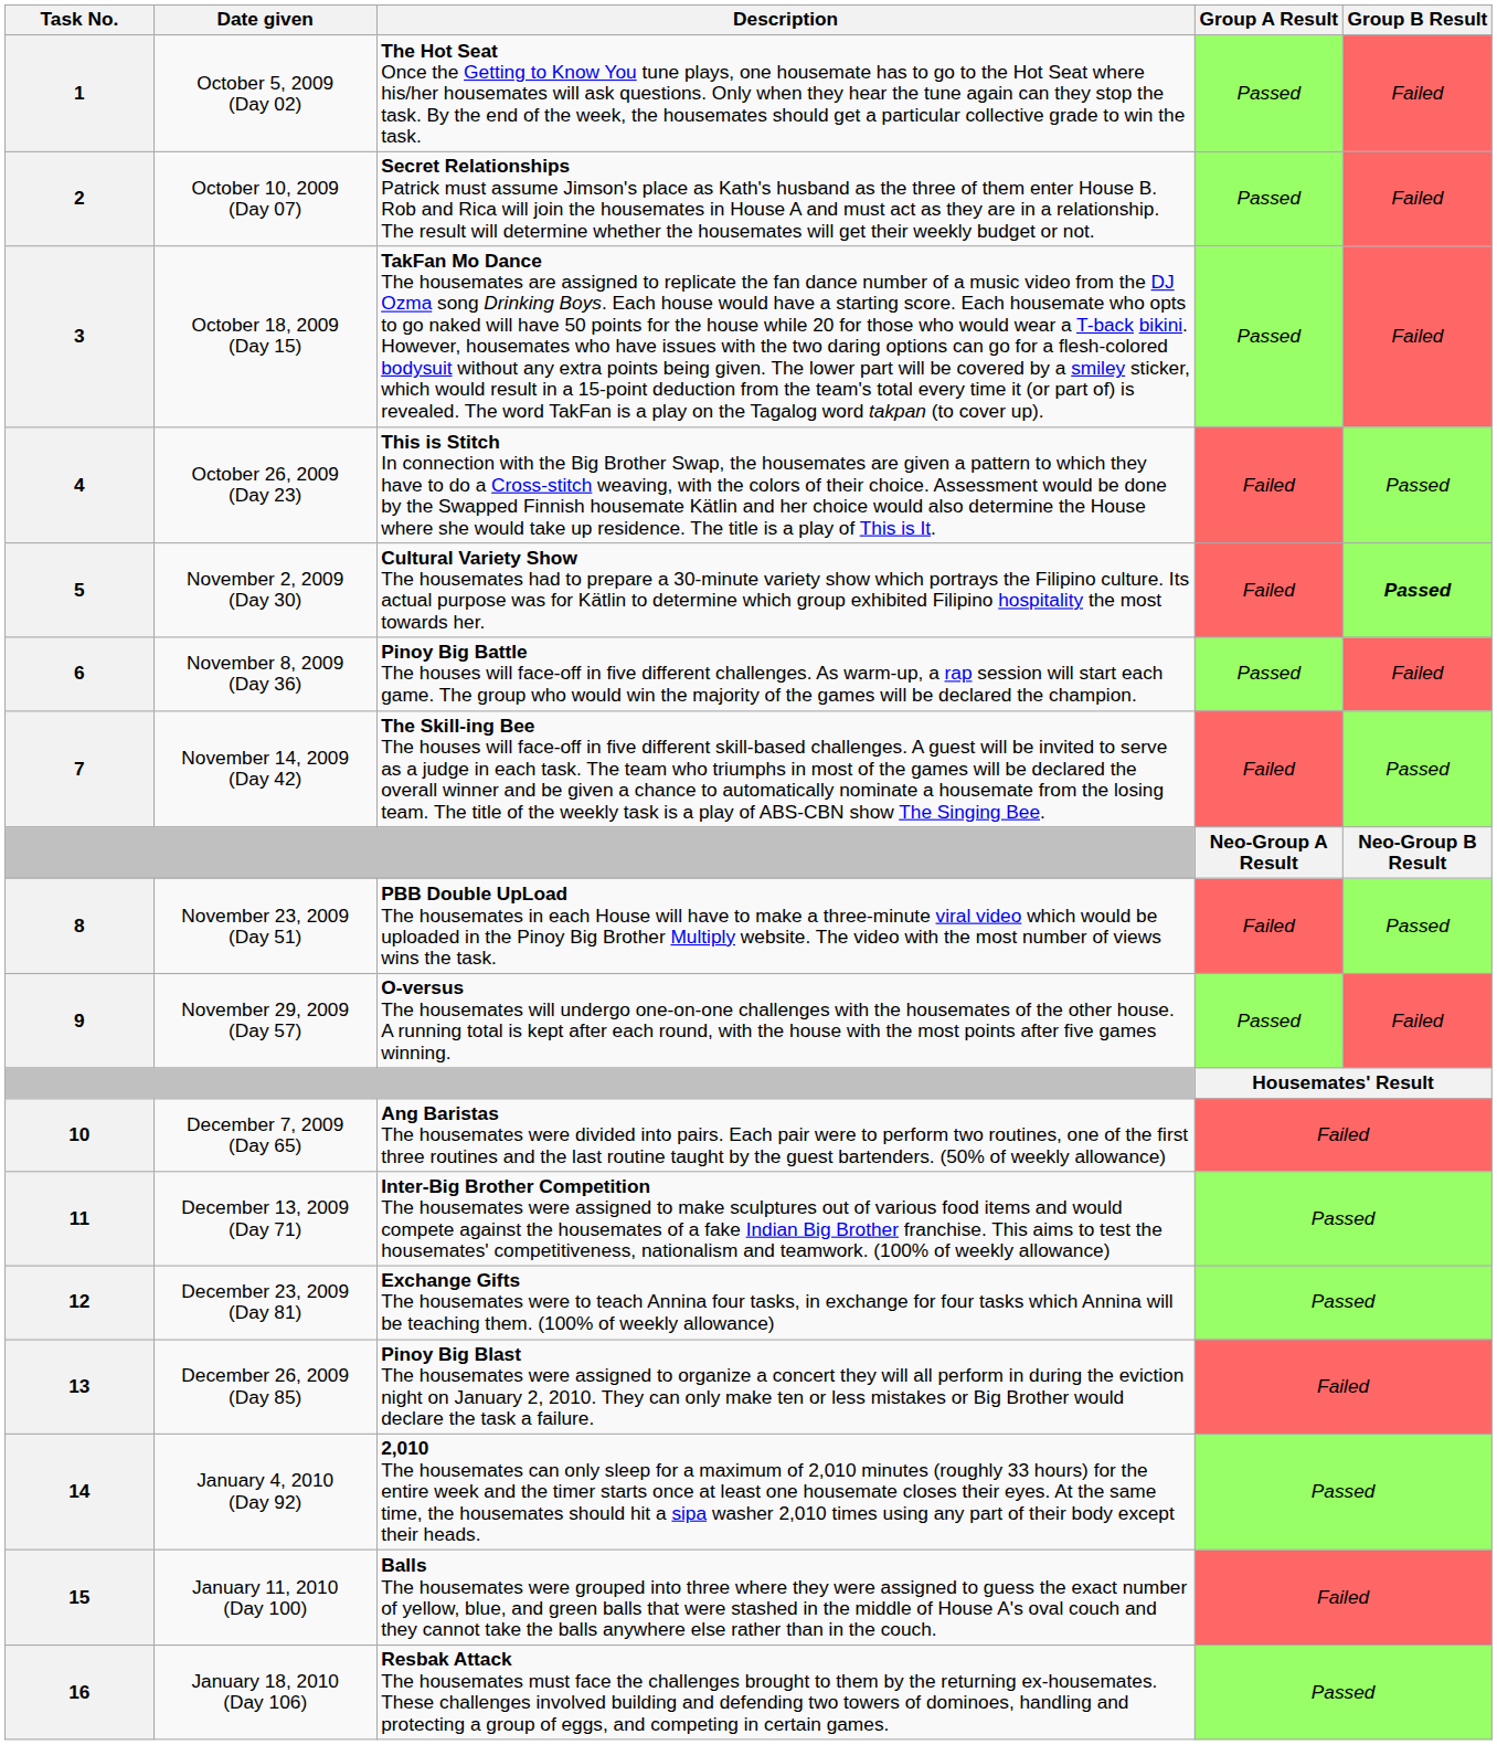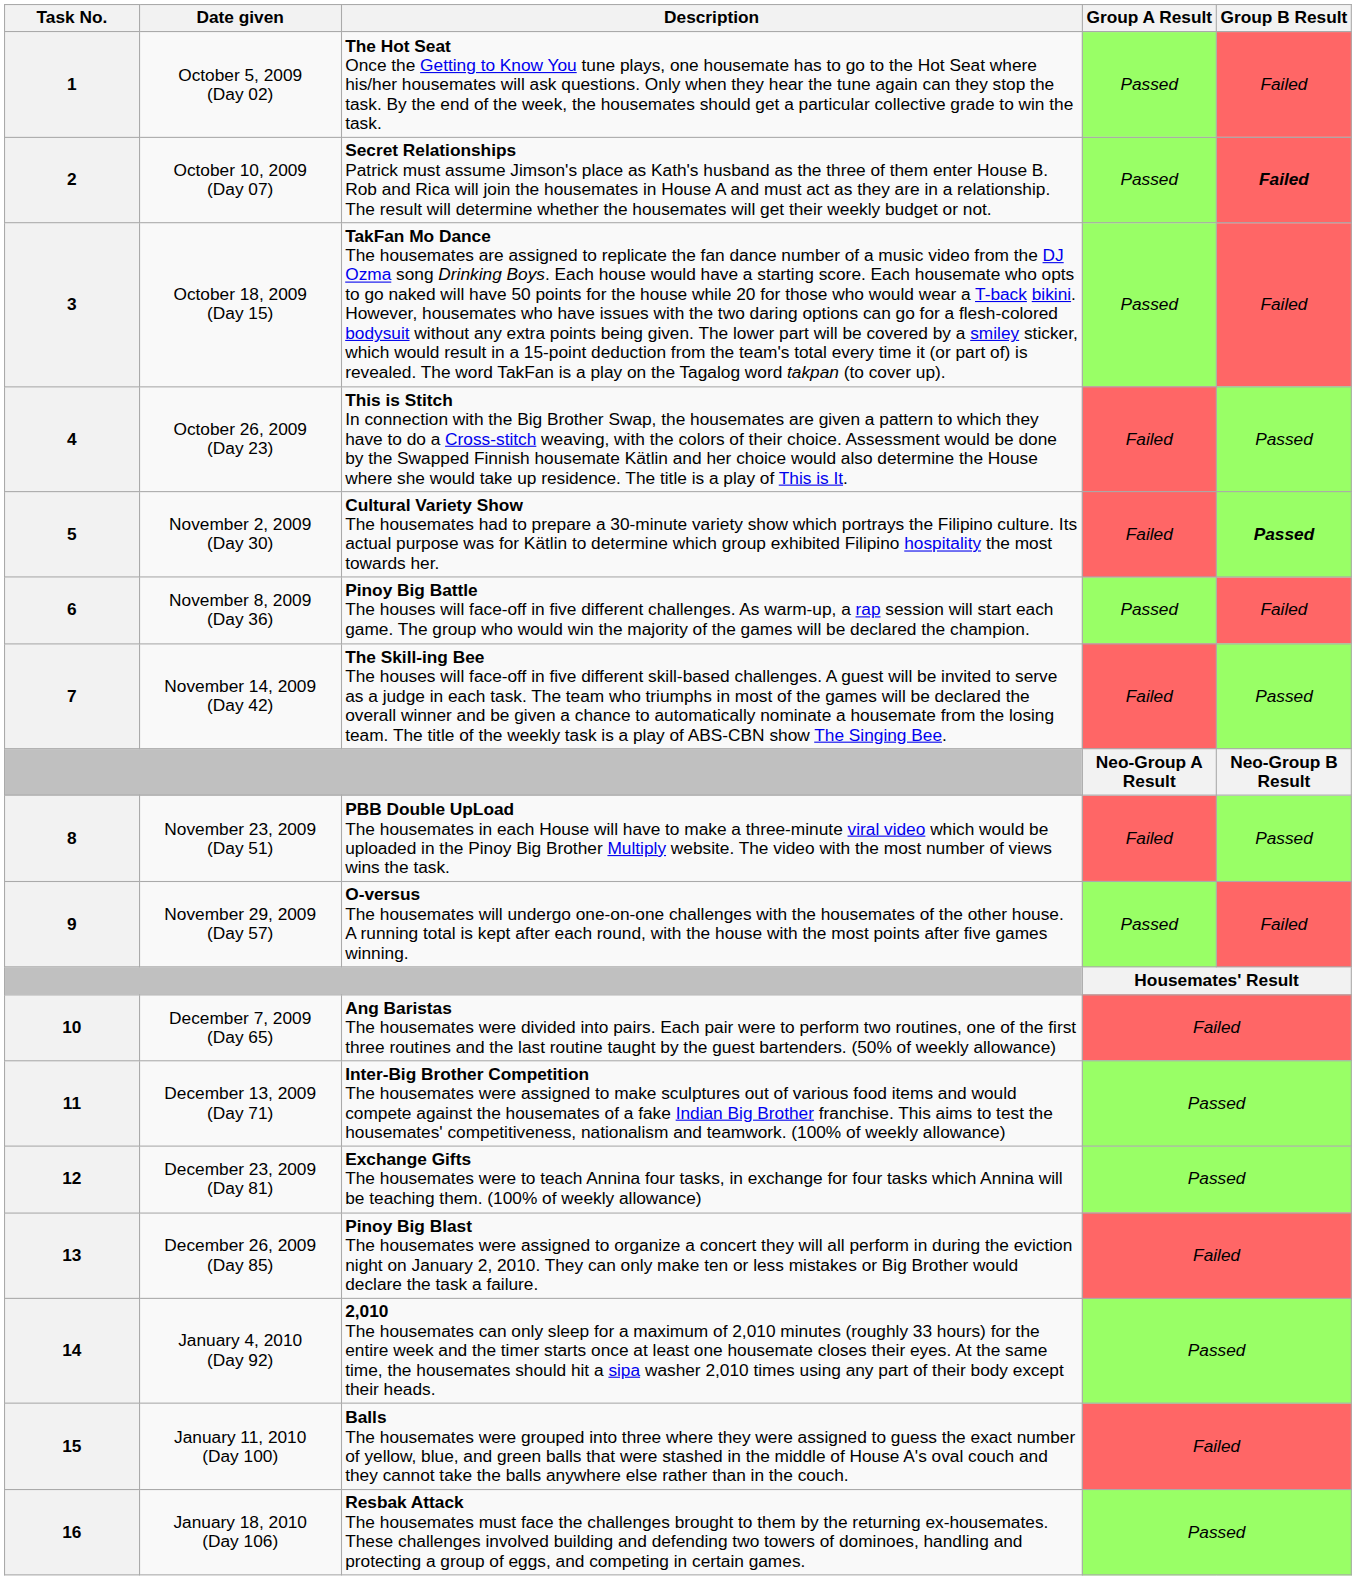 <table class="wikitable">
 <tr>
 <th style="width: 10%;">Task No.</th>
 <th style="width: 15%;">Date given</th>
 <th style="width: 55%;">Description</th>
 <th style="width: 10%;">Group A Result</th>
 <th style="width: 10%;">Group B Result</th>
 </tr>
 <tr>
 <th>1</th>
 <td align="center">October 5, 2009<br>(Day 02)</td>
 <td><strong>The Hot Seat</strong><br>Once the <a href='#'>Getting to Know You</a> tune plays, one housemate has to go to the Hot Seat where his/her housemates will ask questions. Only when they hear the tune again can they stop the task. By the end of the week, the housemates should get a particular collective grade to win the task.</td>
 <td align="center" bgcolor="#99FF66"><em>Passed</em></td>
 <td align="center" bgcolor="#FF6666"><em>Failed</em></td>
 </tr>
 <tr>
 <th>2</th>
 <td align="center">October 10, 2009<br>(Day 07)</td>
 <td><strong>Secret Relationships</strong><br>Patrick must assume Jimson's place as Kath's husband as the three of them enter House B. Rob and Rica will join the housemates in House A and must act as they are in a relationship. The result will determine whether the housemates will get their weekly budget or not.</td>
 <td align="center" bgcolor="#99FF66"><em>Passed</em></td>
-<td align="center" bgcolor="#FF6666"><em>Failed</em></td>
+<td align="center" bgcolor="#FF6666"><strong><em>Failed</em></strong></td>
 </tr>
 <tr>
 <th>3</th>
 <td align="center">October 18, 2009<br>(Day 15)</td>
 <td><strong>TakFan Mo Dance</strong><br>The housemates are assigned to replicate the fan dance number of a music video from the <a href='#'>DJ Ozma</a> song <em>Drinking Boys</em>. Each house would have a starting score. Each housemate who opts to go naked will have 50 points for the house while 20 for those who would wear a <a href='#'>T-back</a> <a href='#'>bikini</a>. However, housemates who have issues with the two daring options can go for a flesh-colored <a href='#'>bodysuit</a> without any extra points being given. The lower part will be covered by a <a href='#'>smiley</a> sticker, which would result in a 15-point deduction from the team's total every time it (or part of) is revealed. The word TakFan is a play on the Tagalog word <em>takpan</em> (to cover up).</td>
 <td align="center" bgcolor="#99FF66"><em>Passed</em></td>
 <td align="center" bgcolor="#FF6666"><em>Failed</em></td>
 </tr>
 <tr>
 <th>4</th>
 <td align="center">October 26, 2009<br>(Day 23)</td>
 <td><strong>This is Stitch</strong><br>In connection with the Big Brother Swap, the housemates are given a pattern to which they have to do a <a href='#'>Cross-stitch</a> weaving, with the colors of their choice. Assessment would be done by the Swapped Finnish housemate Kätlin and her choice would also determine the House where she would take up residence. The title is a play of <a href='#'>This is It</a>.</td>
 <td align="center" bgcolor="#FF6666"><em>Failed</em></td>
 <td align="center" bgcolor="#99FF66"><em>Passed</em></td>
 </tr>
 <tr>
 <th>5</th>
 <td align="center">November 2, 2009<br>(Day 30)</td>
 <td><strong>Cultural Variety Show</strong><br>The housemates had to prepare a 30-minute variety show which portrays the Filipino culture. Its actual purpose was for Kätlin to determine which group exhibited Filipino <a href='#'>hospitality</a> the most towards her.</td>
 <td align="center" bgcolor="#FF6666"><em>Failed</em></td>
 <td align="center" bgcolor="#99FF66"><strong><em>Passed</em></strong></td>
 </tr>
 <tr>
 <th>6</th>
 <td align="center">November 8, 2009<br>(Day 36)</td>
 <td><strong>Pinoy Big Battle</strong><br>The houses will face-off in five different challenges. As warm-up, a <a href='#'>rap</a> session will start each game. The group who would win the majority of the games will be declared the champion.</td>
 <td align="center" bgcolor="#99FF66"><em>Passed</em></td>
 <td align="center" bgcolor="#FF6666"><em>Failed</em></td>
 </tr>
 <tr>
 <th>7</th>
 <td align="center">November 14, 2009<br>(Day 42)</td>
 <td><strong>The Skill-ing Bee</strong><br>The houses will face-off in five different skill-based challenges. A guest will be invited to serve as a judge in each task. The team who triumphs in most of the games will be declared the overall winner and be given a chance to automatically nominate a housemate from the losing team. The title of the weekly task is a play of ABS-CBN show <a href='#'>The Singing Bee</a>.</td>
 <td align="center" bgcolor="#FF6666"><em>Failed</em></td>
 <td align="center" bgcolor="#99FF66"><em>Passed</em></td>
 </tr>
 <tr>
 <td bgcolor="#C0C0C0" colspan=3></td>
 <th>Neo-Group A Result</th>
 <th>Neo-Group B Result</th>
 </tr>
 <tr>
 <th>8</th>
 <td align="center">November 23, 2009<br>(Day 51)</td>
 <td><strong>PBB Double UpLoad</strong><br>The housemates in each House will have to make a three-minute <a href='#'>viral video</a> which would be uploaded in the Pinoy Big Brother <a href='#'>Multiply</a> website. The video with the most number of views wins the task.</td>
 <td align="center" bgcolor="#FF6666"><em>Failed</em></td>
 <td align="center" bgcolor="#99FF66"><em>Passed</em></td>
 </tr>
 <tr>
 <th>9</th>
 <td align="center">November 29, 2009<br>(Day 57)</td>
 <td><strong>O-versus</strong><br>The housemates will undergo one-on-one challenges with the housemates of the other house. A running total is kept after each round, with the house with the most points after five games winning.</td>
 <td align="center" bgcolor="#99FF66"><em>Passed</em></td>
 <td align="center" bgcolor="#FF6666"><em>Failed</em></td>
 </tr>
 <tr>
 <td bgcolor="#C0C0C0" colspan=3></td>
 <th colspan=2>Housemates' Result</th>
 </tr>
 <tr>
 <th>10</th>
 <td align="center">December 7, 2009<br>(Day 65)</td>
 <td><strong>Ang Baristas</strong><br>The housemates were divided into pairs. Each pair were to perform two routines, one of the first three routines and the last routine taught by the guest bartenders. (50% of weekly allowance)</td>
 <td align="center" bgcolor="#FF6666" colspan=2><em>Failed</em></td>
 </tr>
 <tr>
 <th>11</th>
 <td align="center">December 13, 2009<br>(Day 71)</td>
 <td><strong>Inter-Big Brother Competition</strong><br>The housemates were assigned to make sculptures out of various food items and would compete against the housemates of a fake <a href='#'>Indian Big Brother</a> franchise. This aims to test the housemates' competitiveness, nationalism and teamwork. (100% of weekly allowance)</td>
 <td align="center" bgcolor="#99FF66" colspan=2><em>Passed</em></td>
 </tr>
 <tr>
 <th>12</th>
 <td align="center">December 23, 2009<br>(Day 81)</td>
 <td><strong>Exchange Gifts</strong><br>The housemates were to teach Annina four tasks, in exchange for four tasks which Annina will be teaching them. (100% of weekly allowance)</td>
 <td align="center" bgcolor="#99FF66" colspan=2><em>Passed</em></td>
 </tr>
 <tr>
 <th>13</th>
 <td align="center">December 26, 2009<br>(Day 85)</td>
 <td><strong>Pinoy Big Blast</strong><br>The housemates were assigned to organize a concert they will all perform in during the eviction night on January 2, 2010. They can only make ten or less mistakes or Big Brother would declare the task a failure.</td>
 <td align="center" bgcolor="#FF6666" colspan=2><em>Failed</em></td>
 </tr>
 <tr>
 <th>14</th>
 <td align="center">January 4, 2010<br>(Day 92)</td>
 <td><strong>2,010</strong><br>The housemates can only sleep for a maximum of 2,010 minutes (roughly 33 hours) for the entire week and the timer starts once at least one housemate closes their eyes. At the same time, the housemates should hit a <a href='#'>sipa</a> washer 2,010 times using any part of their body except their heads.</td>
 <td align="center" bgcolor="#99FF66" colspan=2><em>Passed</em></td>
 </tr>
 <tr>
 <th>15</th>
 <td align="center">January 11, 2010<br>(Day 100)</td>
 <td><strong>Balls</strong><br>The housemates were grouped into three where they were assigned to guess the exact number of yellow, blue, and green balls that were stashed in the middle of House A's oval couch and they cannot take the balls anywhere else rather than in the couch.</td>
 <td align="center" bgcolor="#FF6666" colspan=2><em>Failed</em></td>
 </tr>
 <tr>
 <th>16</th>
 <td align="center">January 18, 2010<br>(Day 106)</td>
 <td><strong>Resbak Attack</strong><br>The housemates must face the challenges brought to them by the returning ex-housemates. These challenges involved building and defending two towers of dominoes, handling and protecting a group of eggs, and competing in certain games.</td>
 <td align="center" bgcolor="#99FF66" colspan=2><em>Passed</em></td>
 </tr>
 </table>
